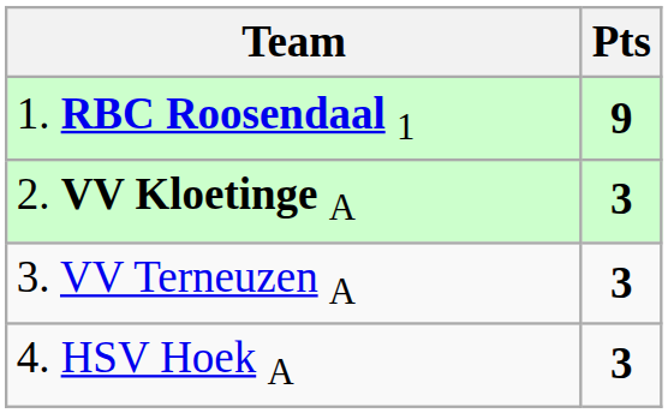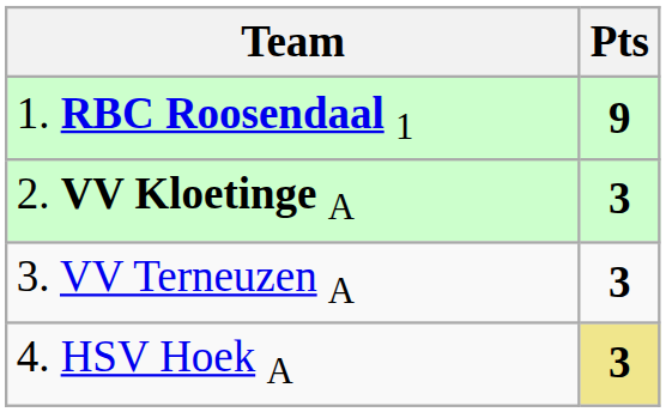 <table class="wikitable" style="text-align:center; float:left; margin-right:1em">
 <tr>
 <th style="width:200px">Team</th>
 <th width=20>Pts</th>
 </tr>
 <tr bgcolor=ccffcc>
 <td align=left>1. <strong><a href='#'>RBC Roosendaal</a></strong> <sub>1</sub></td>
 <td><strong>9</strong></td>
 </tr>
 <tr bgcolor=ccffcc>
 <td align=left>2. <strong>VV Kloetinge</strong> <sub>A</sub></td>
 <td><strong>3</strong></td>
 </tr>
 <tr>
 <td align=left>3. <a href='#'>VV Terneuzen</a> <sub>A</sub></td>
 <td><strong>3</strong></td>
 </tr>
 <tr>
 <td align=left>4. <a href='#'>HSV Hoek</a> <sub>A</sub></td>
-<td><strong>3</strong></td>
+<td style="background: khaki;"><strong>3</strong></td>
 </tr>
 </table>
